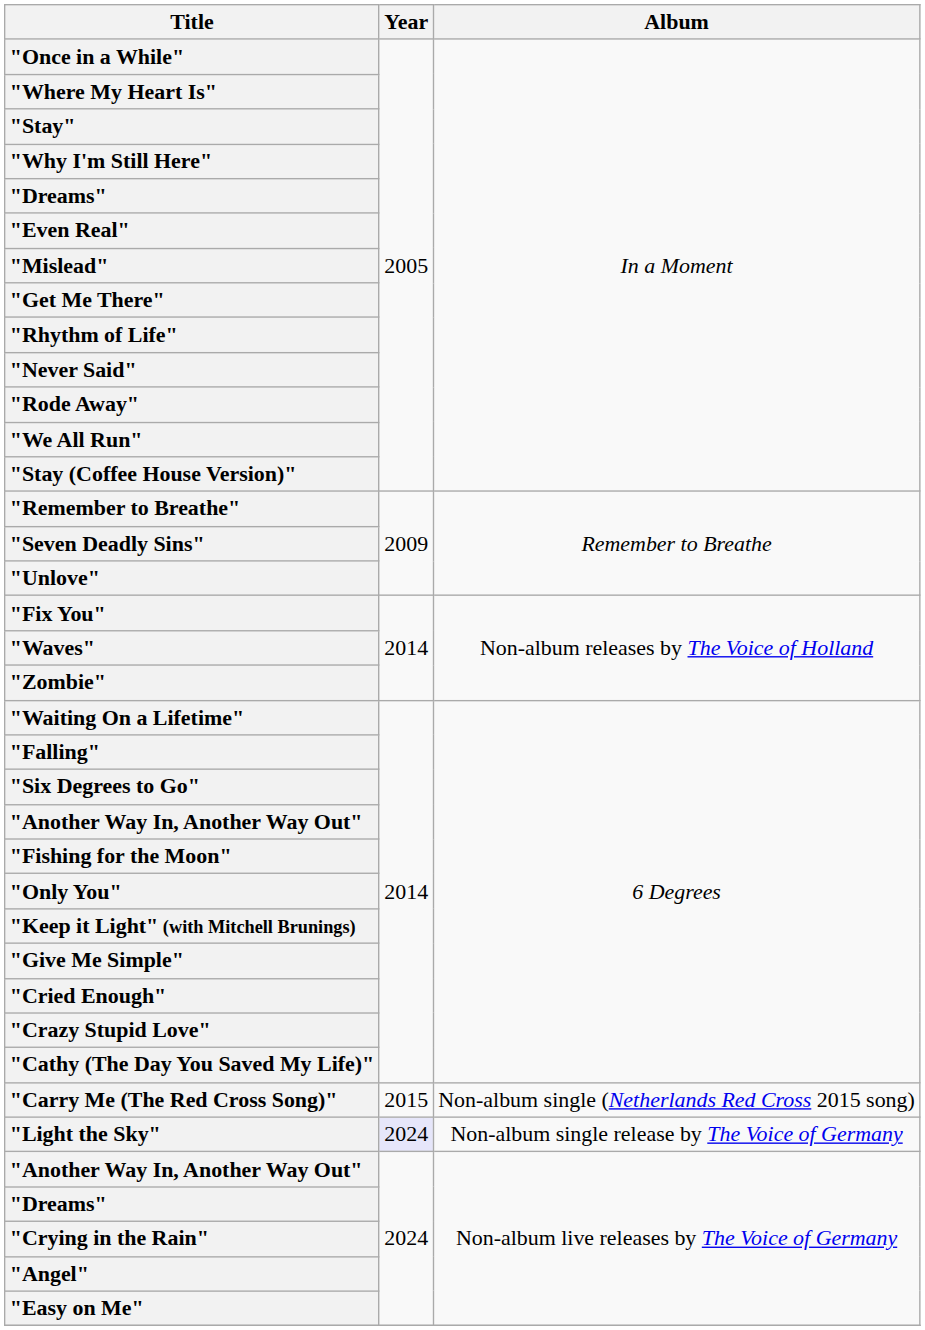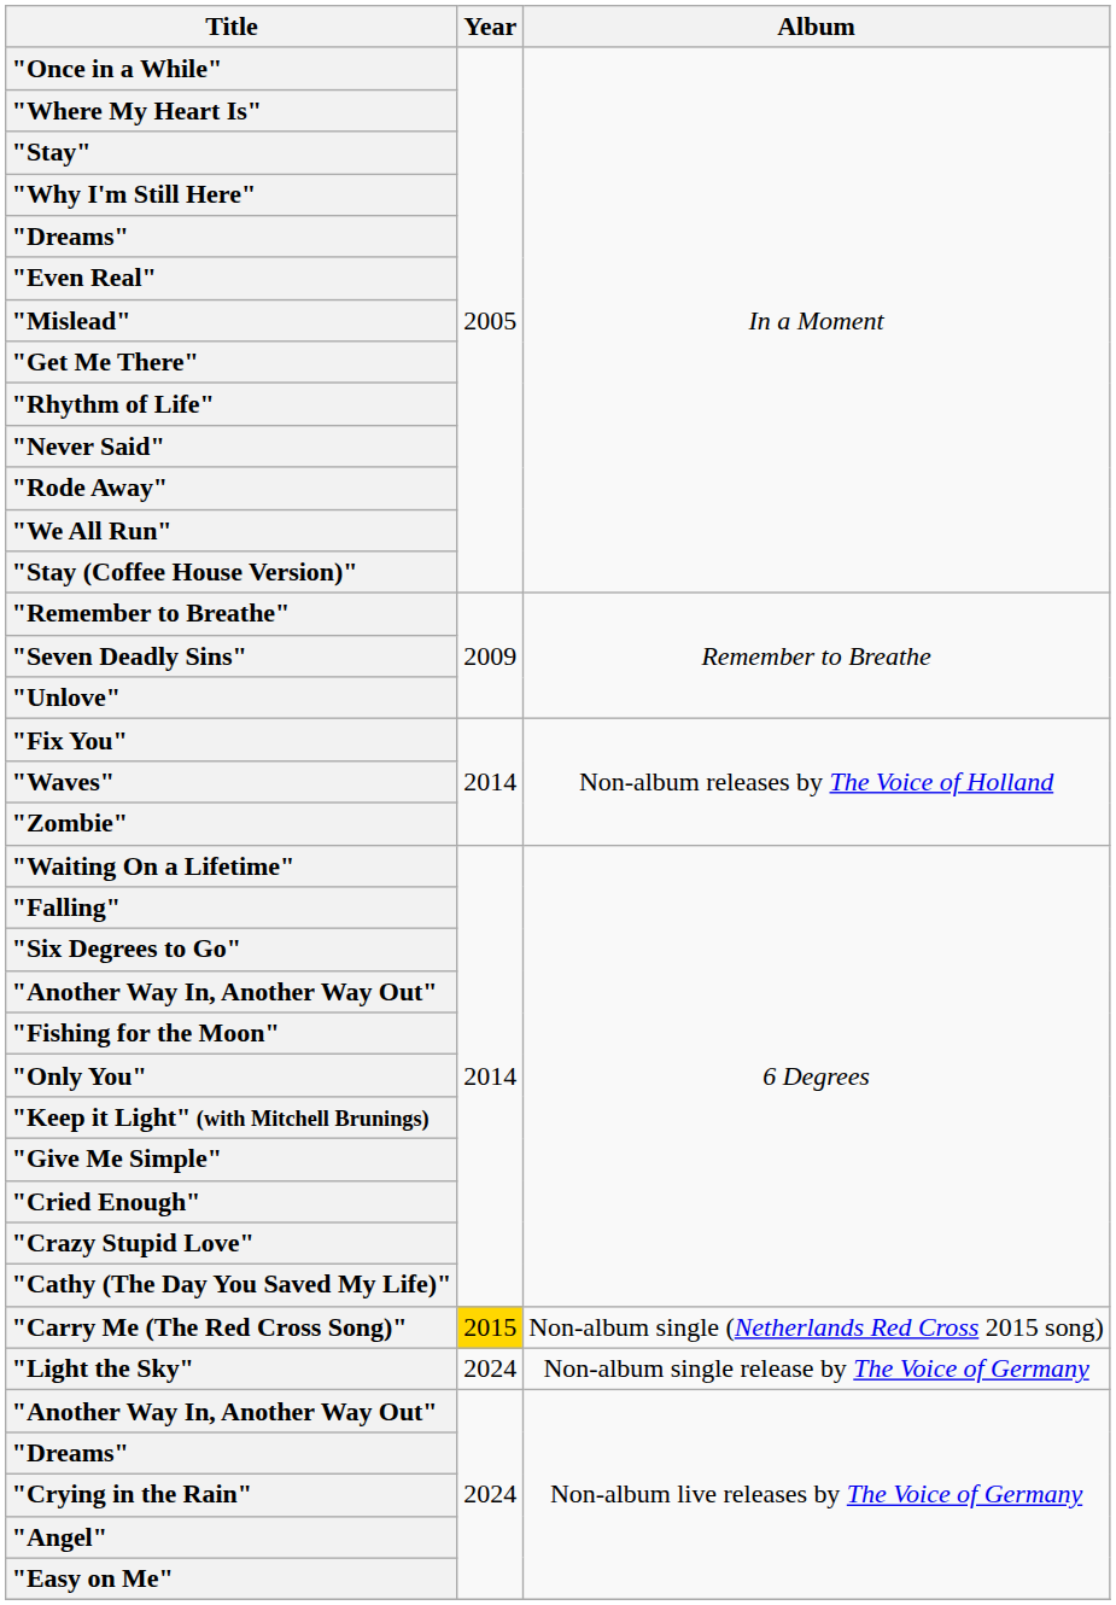 <table class="wikitable plainrowheaders" style="text-align:center;">
 <tr>
 <th scope="col">Title</th>
 <th scope="col">Year</th>
 <th scope="col">Album</th>
 </tr>
 <tr>
 <th scope="row" style="text-align:left;" ;>"Once in a While"</th>
 <td rowspan="13">2005</td>
 <td rowspan="13"><em>In a Moment</em></td>
 </tr>
 <tr>
 <th scope="row" style="text-align:left;" ;>"Where My Heart Is"</th>
 </tr>
 <tr>
 <th scope="row" style="text-align:left;" ;>"Stay"</th>
 </tr>
 <tr>
 <th scope="row" style="text-align:left;" ;>"Why I'm Still Here"</th>
 </tr>
 <tr>
 <th scope="row" style="text-align:left;" ;>"Dreams"</th>
 </tr>
 <tr>
 <th scope="row" style="text-align:left;" ;>"Even Real"</th>
 </tr>
 <tr>
 <th scope="row" style="text-align:left;" ;>"Mislead"</th>
 </tr>
 <tr>
 <th scope="row" style="text-align:left;" ;>"Get Me There"</th>
 </tr>
 <tr>
 <th scope="row" style="text-align:left;" ;>"Rhythm of Life"</th>
 </tr>
 <tr>
 <th scope="row" style="text-align:left;" ;>"Never Said"</th>
 </tr>
 <tr>
 <th scope="row" style="text-align:left;" ;>"Rode Away"</th>
 </tr>
 <tr>
 <th scope="row" style="text-align:left;" ;>"We All Run"</th>
 </tr>
 <tr>
 <th scope="row" style="text-align:left;" ;>"Stay (Coffee House Version)"</th>
 </tr>
 <tr>
 <th scope="row" style="text-align:left;" ;>"Remember to Breathe"</th>
 <td rowspan="3">2009</td>
 <td rowspan="3"><em>Remember to Breathe</em></td>
 </tr>
 <tr>
 <th scope="row" style="text-align:left;" ;>"Seven Deadly Sins"</th>
 </tr>
 <tr>
 <th scope="row" style="text-align:left;" ;>"Unlove"</th>
 </tr>
 <tr>
 <th scope="row" style="text-align:left;" ;>"Fix You"</th>
 <td rowspan="3">2014</td>
 <td rowspan="3">Non-album releases by <em><a href='#'>The Voice of Holland</a></em></td>
 </tr>
 <tr>
 <th scope="row" style="text-align:left;" ;>"Waves"</th>
 </tr>
 <tr>
 <th scope="row" style="text-align:left;" ;>"Zombie"</th>
 </tr>
 <tr>
 <th scope="row" style="text-align:left;" ;>"Waiting On a Lifetime"</th>
 <td rowspan="11">2014</td>
 <td rowspan="11"><em>6 Degrees</em></td>
 </tr>
 <tr>
 <th scope="row" style="text-align:left;" ;>"Falling"</th>
 </tr>
 <tr>
 <th scope="row" style="text-align:left;" ;>"Six Degrees to Go"</th>
 </tr>
 <tr>
 <th scope="row" style="text-align:left;" ;>"Another Way In, Another Way Out"</th>
 </tr>
 <tr>
 <th scope="row" style="text-align:left;" ;>"Fishing for the Moon"</th>
 </tr>
 <tr>
 <th scope="row" style="text-align:left;" ;>"Only You"</th>
 </tr>
 <tr>
 <th scope="row" style="text-align:left;" ;>"Keep it Light"<small> (with Mitchell Brunings)</small></th>
 </tr>
 <tr>
 <th scope="row" style="text-align:left;" ;>"Give Me Simple"</th>
 </tr>
 <tr>
 <th scope="row" style="text-align:left;" ;>"Cried Enough"</th>
 </tr>
 <tr>
 <th scope="row" style="text-align:left;" ;>"Crazy Stupid Love"</th>
 </tr>
 <tr>
 <th scope="row" style="text-align:left;" ;>"Cathy (The Day You Saved My Life)"</th>
 </tr>
 <tr>
 <th scope="row" style="text-align:left;" ;>"Carry Me (The Red Cross Song)"</th>
-<td>2015</td>
+<td style="background: gold;">2015</td>
 <td>Non-album single (<em><a href='#'>Netherlands Red Cross</a></em> 2015 song)</td>
 </tr>
 <tr>
 <th scope="row" style="text-align:left;" ;>"Light the Sky"</th>
-<td style="background: lavender;">2024</td>
+<td>2024</td>
 <td>Non-album single release by <em><a href='#'>The Voice of Germany</a></em></td>
 </tr>
 <tr>
 <th scope="row" style="text-align:left;" ;>"Another Way In, Another Way Out"</th>
 <td rowspan="5">2024</td>
 <td rowspan="5">Non-album live releases by <em><a href='#'>The Voice of Germany</a></em></td>
 </tr>
 <tr>
 <th scope="row" style="text-align:left;" ;>"Dreams"</th>
 </tr>
 <tr>
 <th scope="row" style="text-align:left;" ;>"Crying in the Rain"</th>
 </tr>
 <tr>
 <th scope="row" style="text-align:left;" ;>"Angel"</th>
 </tr>
 <tr>
 <th scope="row" style="text-align:left;" ;>"Easy on Me"</th>
 </tr>
 <tr>
 </tr>
 </table>
